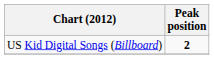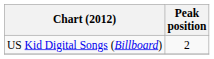 <table class="wikitable sortable">
 <tr>
 <th scope="col">Chart (2012)</th>
 <th scope="col">Peak<br>position</th>
 </tr>
 <tr>
 <td>US <a href='#'>Kid Digital Songs</a> (<em><a href='#'>Billboard</a></em>)</td>
-<td style="text-align:center;"><strong>2</strong></td>
+<td style="text-align:center;">2</td>
 </tr>
 <tr>
 </tr>
 </table>
